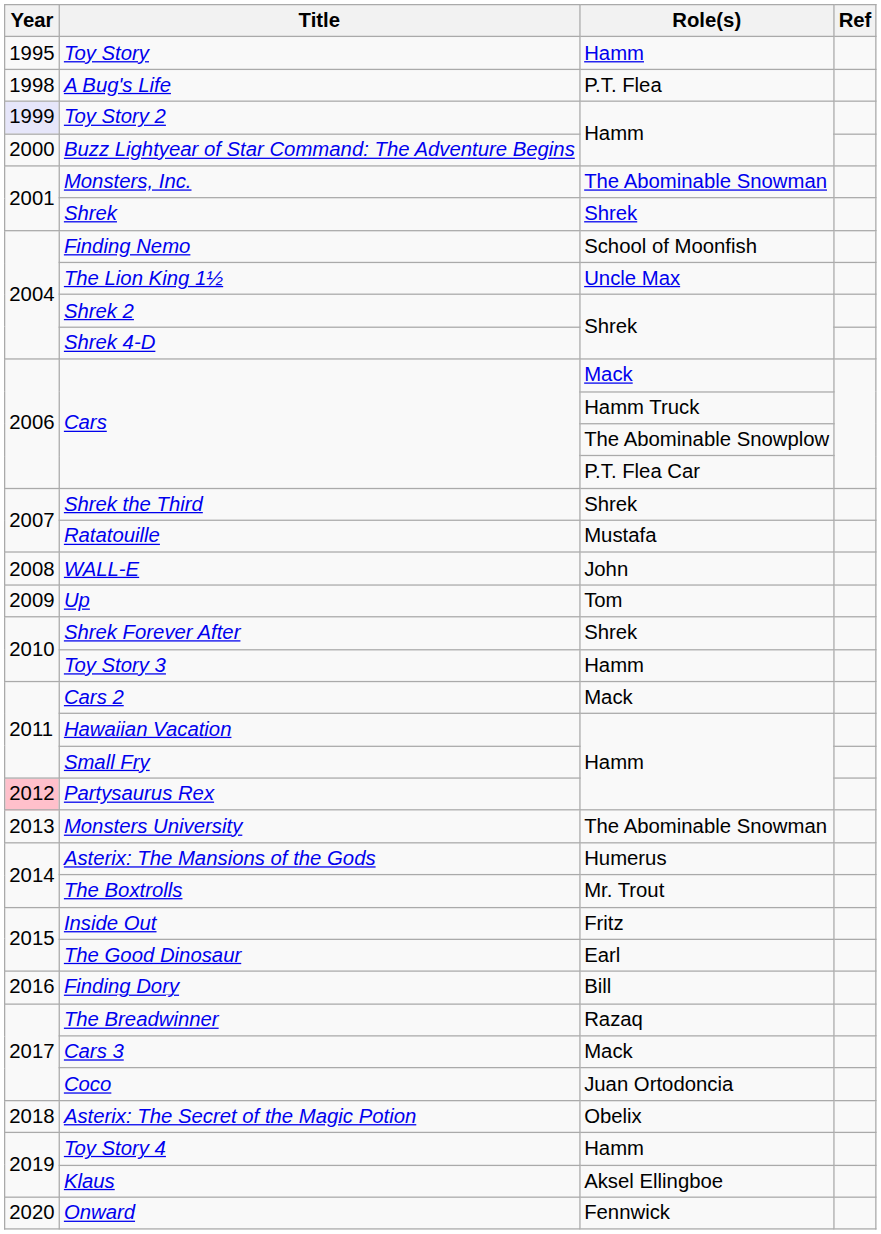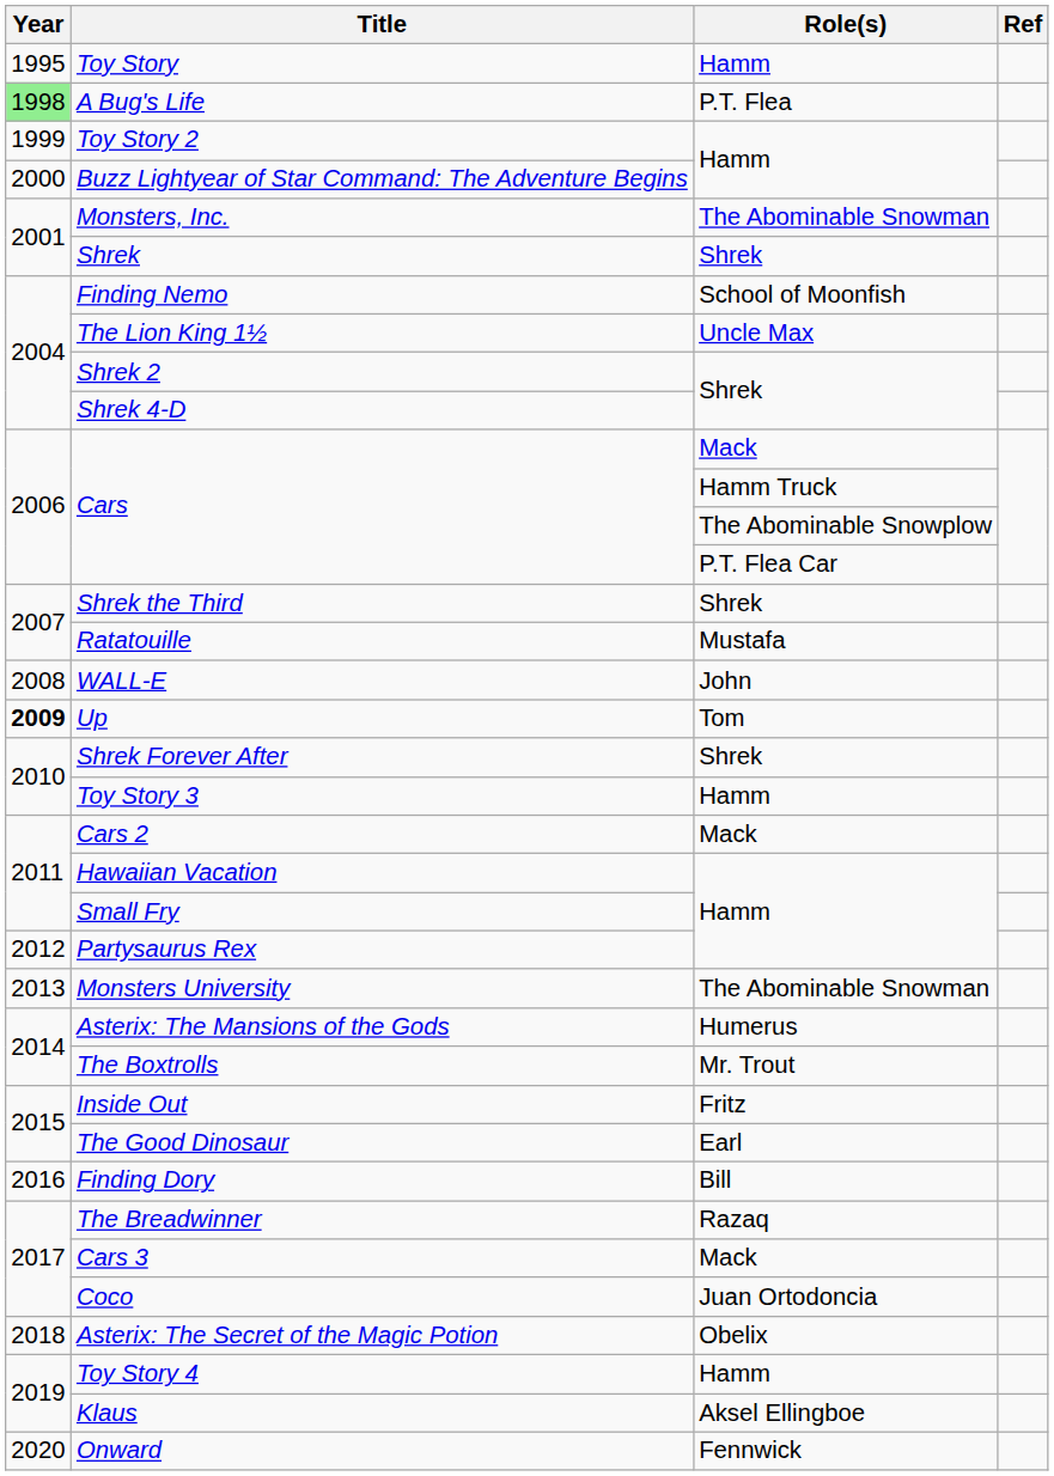 <table class="wikitable plainrowheaders sortable">
 <tr>
 <th scope="col">Year</th>
 <th scope="col">Title</th>
 <th scope="col">Role(s)</th>
 <th scope="col" class="unsortable">Ref</th>
 </tr>
 <tr>
 <td>1995</td>
 <td><em><a href='#'>Toy Story</a></em></td>
 <td><a href='#'>Hamm</a></td>
 <td></td>
 </tr>
 <tr>
-<td>1998</td>
+<td style="background: lightgreen;">1998</td>
 <td><em><a href='#'>A Bug's Life</a></em></td>
 <td>P.T. Flea</td>
 <td></td>
 </tr>
 <tr>
-<td style="background: lavender;">1999</td>
+<td>1999</td>
 <td><em><a href='#'>Toy Story 2</a></em></td>
 <td rowspan=2>Hamm</td>
 <td></td>
 </tr>
 <tr>
 <td>2000</td>
 <td><em><a href='#'>Buzz Lightyear of Star Command: The Adventure Begins</a></em></td>
 <td></td>
 </tr>
 <tr>
 <td rowspan=2>2001</td>
 <td><em><a href='#'>Monsters, Inc.</a></em></td>
 <td><a href='#'>The Abominable Snowman</a></td>
 <td></td>
 </tr>
 <tr>
 <td><em><a href='#'>Shrek</a></em></td>
 <td><a href='#'>Shrek</a></td>
 <td></td>
 </tr>
 <tr>
 <td rowspan=4>2004</td>
 <td><em><a href='#'>Finding Nemo</a></em></td>
 <td>School of Moonfish</td>
 <td></td>
 </tr>
 <tr>
 <td><em><a href='#'>The Lion King 1½</a></em></td>
 <td><a href='#'>Uncle Max</a></td>
 <td></td>
 </tr>
 <tr>
 <td><em><a href='#'>Shrek 2</a></em></td>
 <td rowspan=2>Shrek</td>
 <td></td>
 </tr>
 <tr>
 <td><em><a href='#'>Shrek 4-D</a></em></td>
 <td></td>
 </tr>
 <tr>
 <td rowspan=4>2006</td>
 <td rowspan=4><em><a href='#'>Cars</a></em></td>
 <td><a href='#'>Mack</a></td>
 <td rowspan=4></td>
 </tr>
 <tr>
 <td>Hamm Truck</td>
 </tr>
 <tr>
 <td>The Abominable Snowplow</td>
 </tr>
 <tr>
 <td>P.T. Flea Car</td>
 </tr>
 <tr>
 <td rowspan=2>2007</td>
 <td><em><a href='#'>Shrek the Third</a></em></td>
 <td>Shrek</td>
 <td></td>
 </tr>
 <tr>
 <td><em><a href='#'>Ratatouille</a></em></td>
 <td>Mustafa</td>
 <td></td>
 </tr>
 <tr>
 <td>2008</td>
 <td><em><a href='#'>WALL-E</a></em></td>
 <td>John</td>
 <td></td>
 </tr>
 <tr>
-<td>2009</td>
+<td><strong>2009</strong></td>
 <td><em><a href='#'>Up</a></em></td>
 <td>Tom</td>
 <td></td>
 </tr>
 <tr>
 <td rowspan=2>2010</td>
 <td><em><a href='#'>Shrek Forever After</a></em></td>
 <td>Shrek</td>
 <td></td>
 </tr>
 <tr>
 <td><em><a href='#'>Toy Story 3</a></em></td>
 <td>Hamm</td>
 <td></td>
 </tr>
 <tr>
 <td rowspan=3>2011</td>
 <td><em><a href='#'>Cars 2</a></em></td>
 <td>Mack</td>
 <td></td>
 </tr>
 <tr>
 <td><em><a href='#'>Hawaiian Vacation</a></em></td>
 <td rowspan=3>Hamm</td>
 <td></td>
 </tr>
 <tr>
 <td><em><a href='#'>Small Fry</a></em></td>
 <td></td>
 </tr>
 <tr>
-<td style="background: pink;">2012</td>
+<td>2012</td>
 <td><em><a href='#'>Partysaurus Rex</a></em></td>
 <td></td>
 </tr>
 <tr>
 <td>2013</td>
 <td><em><a href='#'>Monsters University</a></em></td>
 <td>The Abominable Snowman</td>
 <td></td>
 </tr>
 <tr>
 <td rowspan=2>2014</td>
 <td><em><a href='#'>Asterix: The Mansions of the Gods</a></em></td>
 <td>Humerus</td>
 <td></td>
 </tr>
 <tr>
 <td><em><a href='#'>The Boxtrolls</a></em></td>
 <td>Mr. Trout</td>
 <td></td>
 </tr>
 <tr>
 <td rowspan=2>2015</td>
 <td><em><a href='#'>Inside Out</a></em></td>
 <td>Fritz</td>
 <td></td>
 </tr>
 <tr>
 <td><em><a href='#'>The Good Dinosaur</a></em></td>
 <td>Earl</td>
 <td></td>
 </tr>
 <tr>
 <td>2016</td>
 <td><em><a href='#'>Finding Dory</a></em></td>
 <td>Bill</td>
 <td></td>
 </tr>
 <tr>
 <td rowspan=3>2017</td>
 <td><em><a href='#'>The Breadwinner</a></em></td>
 <td>Razaq</td>
 <td></td>
 </tr>
 <tr>
 <td><em><a href='#'>Cars 3</a></em></td>
 <td>Mack</td>
 <td></td>
 </tr>
 <tr>
 <td><em><a href='#'>Coco</a></em></td>
 <td>Juan Ortodoncia</td>
 <td></td>
 </tr>
 <tr>
 <td>2018</td>
 <td><em><a href='#'>Asterix: The Secret of the Magic Potion</a></em></td>
 <td>Obelix</td>
 <td></td>
 </tr>
 <tr>
 <td rowspan=2>2019</td>
 <td><em><a href='#'>Toy Story 4</a></em></td>
 <td>Hamm</td>
 <td></td>
 </tr>
 <tr>
 <td><em><a href='#'>Klaus</a></em></td>
 <td>Aksel Ellingboe</td>
 <td></td>
 </tr>
 <tr>
 <td>2020</td>
 <td><em><a href='#'>Onward</a></em></td>
 <td>Fennwick</td>
 <td></td>
 </tr>
 </table>
